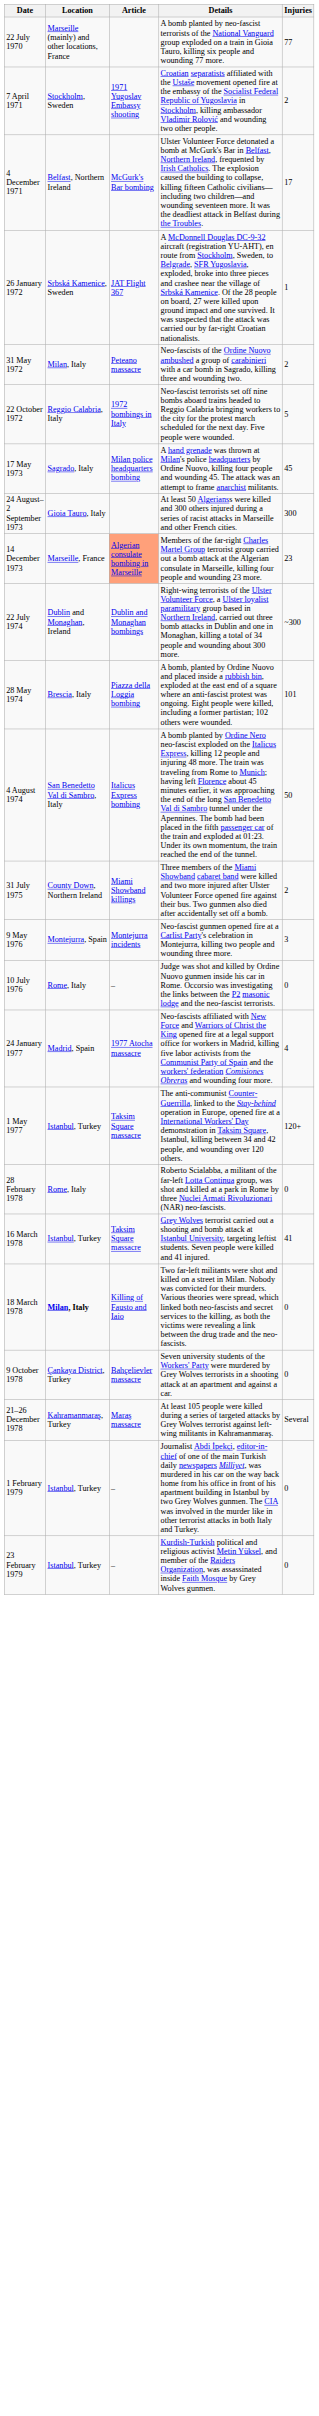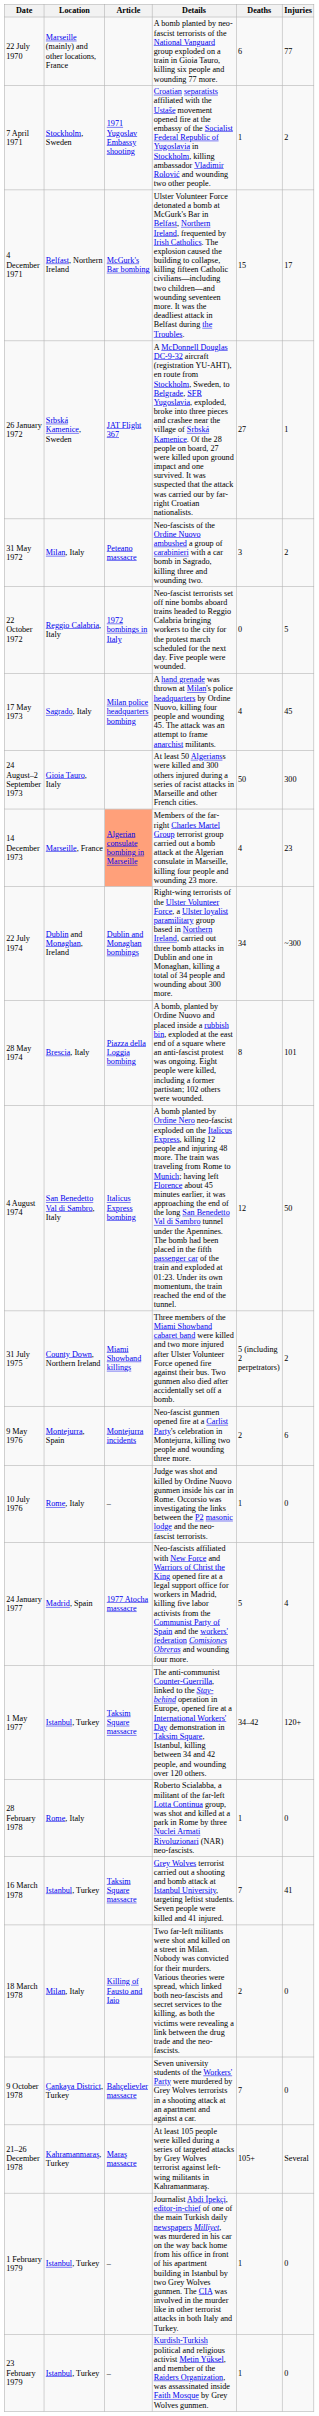 <table class="wikitable ">
 <tr>
 <th>Date</th>
 <th>Location</th>
 <th>Article</th>
 <th>Details</th>
+<th>Deaths</th>
 <th>Injuries</th>
 </tr>
 <tr>
 <td>22 July 1970</td>
 <td> <a href='#'>Marseille</a> (mainly) and other locations, France</td>
 <td></td>
 <td>A bomb planted by neo-fascist terrorists of the <a href='#'>National Vanguard</a> group exploded on a train in Gioia Tauro, killing six people and wounding 77 more.</td>
+<td>6</td>
 <td>77</td>
 </tr>
 <tr>
 <td>7 April 1971</td>
 <td> <a href='#'>Stockholm</a>, Sweden</td>
 <td><a href='#'>1971 Yugoslav Embassy shooting</a></td>
 <td><a href='#'>Croatian</a> <a href='#'>separatists</a> affiliated with the <a href='#'>Ustaše</a> movement opened fire at the embassy of the <a href='#'>Socialist Federal Republic of Yugoslavia</a> in <a href='#'>Stockholm</a>, killing ambassador <a href='#'>Vladimir Rolović</a> and wounding two other people.</td>
+<td>1</td>
 <td>2</td>
 </tr>
 <tr>
 <td>4 December 1971</td>
 <td> <a href='#'>Belfast</a>, Northern Ireland</td>
 <td><a href='#'>McGurk's Bar bombing</a></td>
 <td>Ulster Volunteer Force detonated a bomb at McGurk's Bar in <a href='#'>Belfast</a>, <a href='#'>Northern Ireland</a>, frequented by <a href='#'>Irish Catholics</a>. The explosion caused the building to collapse, killing fifteen Catholic civilians—including two children—and wounding seventeen more. It was the deadliest attack in Belfast during <a href='#'>the Troubles</a>.</td>
+<td>15</td>
 <td>17</td>
 </tr>
 <tr>
 <td>26 January 1972</td>
 <td> <a href='#'>Srbská Kamenice</a>, Sweden</td>
 <td><a href='#'>JAT Flight 367</a></td>
 <td>A <a href='#'>McDonnell Douglas DC-9-32</a> aircraft (registration YU-AHT), en route from <a href='#'>Stockholm</a>, Sweden, to <a href='#'>Belgrade</a>, <a href='#'>SFR Yugoslavia</a>, exploded, broke into three pieces and crashee near the village of <a href='#'>Srbská Kamenice</a>. Of the 28 people on board, 27 were killed upon ground impact and one survived. It was suspected that the attack was carried our by far-right Croatian nationalists.</td>
+<td>27</td>
 <td>1</td>
 </tr>
 <tr>
 <td>31 May 1972</td>
 <td> <a href='#'>Milan</a>, Italy</td>
 <td><a href='#'>Peteano massacre</a></td>
 <td>Neo-fascists of the <a href='#'>Ordine Nuovo</a> <a href='#'>ambushed</a> a group of <a href='#'>carabinieri</a> with a car bomb in Sagrado, killing three and wounding two.</td>
+<td>3</td>
 <td>2</td>
 </tr>
 <tr>
 <td>22 October 1972</td>
 <td> <a href='#'>Reggio Calabria</a>, Italy</td>
 <td><a href='#'>1972 bombings in Italy</a></td>
 <td>Neo-fascist terrorists set off nine bombs aboard trains headed to Reggio Calabria bringing workers to the city for the protest march scheduled for the next day. Five people were wounded.</td>
+<td>0</td>
 <td>5</td>
 </tr>
 <tr>
 <td>17 May 1973</td>
 <td> <a href='#'>Sagrado</a>, Italy</td>
 <td><a href='#'>Milan police headquarters bombing</a></td>
 <td>A <a href='#'>hand grenade</a> was thrown at <a href='#'>Milan</a>'s police <a href='#'>headquarters</a> by Ordine Nuovo, killing four people and wounding 45. The attack was an attempt to frame <a href='#'>anarchist</a> militants.</td>
+<td>4</td>
 <td>45</td>
 </tr>
 <tr>
 <td>24 August–2 September 1973</td>
 <td> <a href='#'>Gioia Tauro</a>, Italy</td>
 <td></td>
 <td>At least 50 <a href='#'>Algerians</a>s were killed and 300 others injured during a series of racist attacks in Marseille and other French cities.</td>
+<td>50</td>
 <td>300</td>
 </tr>
 <tr>
 <td>14 December 1973</td>
 <td> <a href='#'>Marseille</a>, France</td>
 <td style="background: lightsalmon;"><a href='#'>Algerian consulate bombing in Marseille</a></td>
 <td>Members of the far-right <a href='#'>Charles Martel Group</a> terrorist group carried out a bomb attack at the Algerian consulate in Marseille, killing four people and wounding 23 more.</td>
+<td>4</td>
 <td>23</td>
 </tr>
 <tr>
 <td>22 July 1974</td>
 <td> <a href='#'>Dublin</a> and <a href='#'>Monaghan</a>, Ireland</td>
 <td><a href='#'>Dublin and Monaghan bombings</a></td>
 <td>Right-wing terrorists of the <a href='#'>Ulster Volunteer Force</a>, a <a href='#'>Ulster loyalist</a> <a href='#'>paramilitary</a> group based in <a href='#'>Northern Ireland</a>, carried out three bomb attacks in Dublin and one in Monaghan, killing a total of 34 people and wounding about 300 more.</td>
+<td>34</td>
 <td>~300</td>
 </tr>
 <tr>
 <td>28 May 1974</td>
 <td> <a href='#'>Brescia</a>, Italy</td>
 <td><a href='#'>Piazza della Loggia bombing</a></td>
 <td>A bomb, planted by Ordine Nuovo and placed inside a <a href='#'>rubbish bin</a>, exploded at the east end of a square where an anti-fascist protest was ongoing. Eight people were killed, including a former partistan; 102 others were wounded.</td>
+<td>8</td>
 <td>101</td>
 </tr>
 <tr>
 <td>4 August 1974</td>
 <td> <a href='#'>San Benedetto Val di Sambro</a>, Italy</td>
 <td><a href='#'>Italicus Express bombing</a></td>
 <td>A bomb planted by <a href='#'>Ordine Nero</a> neo-fascist exploded on the <a href='#'>Italicus Express</a>, killing 12 people and injuring 48 more. The train was traveling from Rome to <a href='#'>Munich</a>; having left <a href='#'>Florence</a> about 45 minutes earlier, it was approaching the end of the long <a href='#'>San Benedetto Val di Sambro</a> tunnel under the Apennines. The bomb had been placed in the fifth <a href='#'>passenger car</a> of the train and exploded at 01:23. Under its own momentum, the train reached the end of the tunnel.</td>
+<td>12</td>
 <td>50</td>
 </tr>
 <tr>
 <td>31 July 1975</td>
 <td> <a href='#'>County Down</a>, Northern Ireland</td>
 <td><a href='#'>Miami Showband killings</a></td>
 <td>Three members of the <a href='#'>Miami Showband</a> <a href='#'>cabaret band</a> were killed and two more injured after Ulster Volunteer Force opened fire against their bus. Two gunmen also died after accidentally set off a bomb.</td>
+<td>5 (including 2 perpetrators)</td>
 <td>2</td>
 </tr>
 <tr>
 <td>9 May 1976</td>
 <td> <a href='#'>Montejurra</a>, Spain</td>
 <td><a href='#'>Montejurra incidents</a></td>
 <td>Neo-fascist gunmen opened fire at a <a href='#'>Carlist Party</a>'s celebration in Montejurra, killing two people and wounding three more.</td>
-<td>3</td>
+<td>2</td>
+<td>6</td>
 </tr>
 <tr>
 <td>10 July 1976</td>
 <td> <a href='#'>Rome</a>, Italy</td>
 <td>–</td>
 <td>Judge  was shot and killed by Ordine Nuovo gunmen inside his car in Rome. Occorsio was investigating the links between the <a href='#'>P2</a> <a href='#'>masonic lodge</a> and the neo-fascist terrorists.</td>
+<td>1</td>
 <td>0</td>
 </tr>
 <tr>
 <td>24 January 1977</td>
 <td> <a href='#'>Madrid</a>, Spain</td>
 <td><a href='#'>1977 Atocha massacre</a></td>
 <td>Neo-fascists affiliated with <a href='#'>New Force</a> and <a href='#'>Warriors of Christ the King</a> opened fire at a legal support office for workers in Madrid, killing five labor activists from the <a href='#'>Communist Party of Spain</a> and the <a href='#'>workers' federation</a> <a href='#'><em>Comisiones Obreras</em></a> and wounding four more.</td>
+<td>5</td>
 <td>4</td>
 </tr>
 <tr>
 <td>1 May 1977</td>
 <td> <a href='#'>Istanbul</a>, Turkey</td>
 <td><a href='#'>Taksim Square massacre</a></td>
 <td>The anti-communist <a href='#'>Counter-Guerrilla</a>, linked to the <em><a href='#'>Stay-behind</a></em> operation in Europe, opened fire at a <a href='#'>International Workers' Day</a> demonstration in <a href='#'>Taksim Square</a>, Istanbul, killing between 34 and 42 people, and wounding over 120 others.</td>
+<td>34–42</td>
 <td>120+</td>
 </tr>
 <tr>
 <td>28 February 1978</td>
 <td> <a href='#'>Rome</a>, Italy</td>
 <td></td>
 <td>Roberto Scialabba, a militant of the far-left <a href='#'>Lotta Continua</a> group, was shot and killed at a park in Rome by three <a href='#'>Nuclei Armati Rivoluzionari</a> (NAR) neo-fascists.</td>
+<td>1</td>
 <td>0</td>
 </tr>
 <tr>
 <td>16 March 1978</td>
 <td> <a href='#'>Istanbul</a>, Turkey</td>
 <td><a href='#'>Taksim Square massacre</a></td>
 <td><a href='#'>Grey Wolves</a> terrorist carried out a shooting and bomb attack at <a href='#'>Istanbul University</a>, targeting leftist students. Seven people were killed and 41 injured.</td>
+<td>7</td>
 <td>41</td>
 </tr>
 <tr>
 <td>18 March 1978</td>
-<td><strong> <a href='#'>Milan</a>, Italy</strong></td>
+<td> <a href='#'>Milan</a>, Italy</td>
 <td><a href='#'>Killing of Fausto and Iaio</a></td>
 <td>Two far-left militants were shot and killed on a street in Milan. Nobody was convicted for their murders. Various theories were spread, which linked both neo-fascists and secret services to the killing, as both the victims were revealing a link between the drug trade and the neo-fascists.</td>
+<td>2</td>
 <td>0</td>
 </tr>
 <tr>
 <td>9 October 1978</td>
 <td> <a href='#'>Çankaya District</a>, Turkey</td>
 <td><a href='#'>Bahçelievler massacre</a></td>
 <td>Seven university students of the <a href='#'>Workers' Party</a> were murdered by Grey Wolves terrorists in a shooting attack at an apartment and against a car.</td>
+<td>7</td>
 <td>0</td>
 </tr>
 <tr>
 <td>21–26 December 1978</td>
 <td> <a href='#'>Kahramanmaraş</a>, Turkey</td>
 <td><a href='#'>Maraş massacre</a></td>
 <td>At least 105 people were killed during a series of targeted attacks by Grey Wolves terrorist against left-wing militants in Kahramanmaraş.</td>
+<td>105+</td>
 <td>Several</td>
 </tr>
 <tr>
 <td>1 February 1979</td>
 <td> <a href='#'>Istanbul</a>, Turkey</td>
 <td>–</td>
 <td>Journalist <a href='#'>Abdi İpekçi</a>, <a href='#'>editor-in-chief</a> of one of the main Turkish daily <a href='#'>newspapers</a> <em><a href='#'>Milliyet</a></em>, was murdered in his car on the way back home from his office in front of his apartment building in Istanbul by two Grey Wolves gunmen. The <a href='#'>CIA</a> was involved in the murder like in other terrorist attacks in both Italy and Turkey.</td>
+<td>1</td>
 <td>0</td>
 </tr>
 <tr>
 <td>23 February 1979</td>
 <td> <a href='#'>Istanbul</a>, Turkey</td>
 <td>–</td>
 <td><a href='#'>Kurdish-Turkish</a> political and religious activist <a href='#'>Metin Yüksel</a>, and member of the <a href='#'>Raiders Organization</a>, was assassinated inside <a href='#'>Faith Mosque</a> by Grey Wolves gunmen.</td>
+<td>1</td>
 <td>0</td>
 </tr>
 </table>
